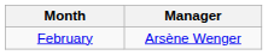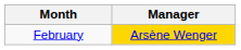 <table class="wikitable" style="text-align:center">
 <tr>
 <th>Month</th>
 <th>Manager</th>
 </tr>
 <tr>
 <td width="130"><a href='#'>February</a></td>
-<td width="150"> <a href='#'>Arsène Wenger</a></td>
+<td width="150" style="background: gold;"> <a href='#'>Arsène Wenger</a></td>
 </tr>
 </table>
